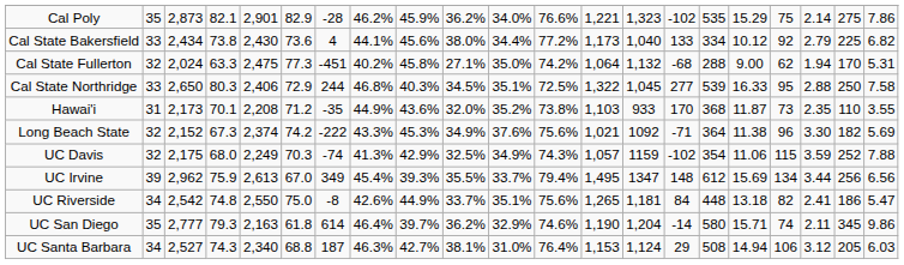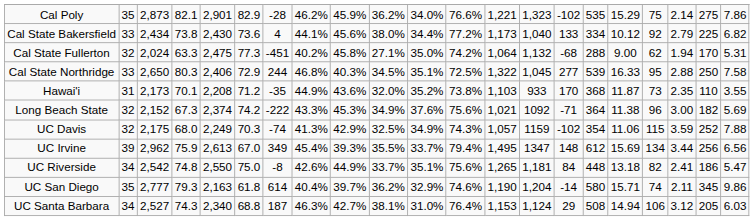 <table class="wikitable sortable" style="text-align:center; font-size:80%;">
 <tr>
 </tr>
 <tr>
 </tr>
 <tr>
 <td style="position: sticky; left: 0; ">Cal Poly</td>
 <td>35</td>
 <td>2,873</td>
 <td>82.1</td>
 <td>2,901</td>
 <td>82.9</td>
 <td>-28</td>
 <td>46.2%</td>
 <td>45.9%</td>
 <td>36.2%</td>
 <td>34.0%</td>
 <td>76.6%</td>
 <td>1,221</td>
 <td>1,323</td>
 <td>-102</td>
 <td>535</td>
 <td>15.29</td>
 <td>75</td>
 <td>2.14</td>
 <td>275</td>
 <td>7.86</td>
 </tr>
 <tr>
 <td style="position: sticky; left: 0; ">Cal State Bakersfield</td>
 <td>33</td>
 <td>2,434</td>
 <td>73.8</td>
 <td>2,430</td>
 <td>73.6</td>
 <td>4</td>
 <td>44.1%</td>
 <td>45.6%</td>
 <td>38.0%</td>
 <td>34.4%</td>
 <td>77.2%</td>
 <td>1,173</td>
 <td>1,040</td>
 <td>133</td>
 <td>334</td>
 <td>10.12</td>
 <td>92</td>
 <td>2.79</td>
 <td>225</td>
 <td>6.82</td>
 </tr>
 <tr>
 <td style="position: sticky; left: 0; ">Cal State Fullerton</td>
 <td>32</td>
 <td>2,024</td>
 <td>63.3</td>
 <td>2,475</td>
 <td>77.3</td>
 <td>-451</td>
 <td>40.2%</td>
 <td>45.8%</td>
 <td>27.1%</td>
 <td>35.0%</td>
 <td>74.2%</td>
 <td>1,064</td>
 <td>1,132</td>
 <td>-68</td>
 <td>288</td>
 <td>9.00</td>
 <td>62</td>
 <td>1.94</td>
 <td>170</td>
 <td>5.31</td>
 </tr>
 <tr>
 <td style="position: sticky; left: 0; ">Cal State Northridge</td>
 <td>33</td>
 <td>2,650</td>
 <td>80.3</td>
 <td>2,406</td>
 <td>72.9</td>
 <td>244</td>
 <td>46.8%</td>
 <td>40.3%</td>
 <td>34.5%</td>
 <td>35.1%</td>
 <td>72.5%</td>
 <td>1,322</td>
 <td>1,045</td>
 <td>277</td>
 <td>539</td>
 <td>16.33</td>
 <td>95</td>
 <td>2.88</td>
 <td>250</td>
 <td>7.58</td>
 </tr>
 <tr>
 <td style="position: sticky; left: 0; ">Hawai'i</td>
 <td>31</td>
 <td>2,173</td>
 <td>70.1</td>
 <td>2,208</td>
 <td>71.2</td>
 <td>-35</td>
 <td>44.9%</td>
 <td>43.6%</td>
 <td>32.0%</td>
 <td>35.2%</td>
 <td>73.8%</td>
 <td>1,103</td>
 <td>933</td>
 <td>170</td>
 <td>368</td>
 <td>11.87</td>
 <td>73</td>
 <td>2.35</td>
 <td>110</td>
 <td>3.55</td>
 </tr>
 <tr>
 <td style="position: sticky; left: 0; ">Long Beach State</td>
 <td>32</td>
 <td>2,152</td>
 <td>67.3</td>
 <td>2,374</td>
 <td>74.2</td>
 <td>-222</td>
 <td>43.3%</td>
 <td>45.3%</td>
 <td>34.9%</td>
 <td>37.6%</td>
 <td>75.6%</td>
 <td>1,021</td>
 <td>1092</td>
 <td>-71</td>
 <td>364</td>
 <td>11.38</td>
 <td>96</td>
-<td>3.30</td>
+<td>3.00</td>
 <td>182</td>
 <td>5.69</td>
 </tr>
 <tr>
 <td style="position: sticky; left: 0; ">UC Davis</td>
 <td>32</td>
 <td>2,175</td>
 <td>68.0</td>
 <td>2,249</td>
 <td>70.3</td>
 <td>-74</td>
 <td>41.3%</td>
 <td>42.9%</td>
 <td>32.5%</td>
 <td>34.9%</td>
 <td>74.3%</td>
 <td>1,057</td>
 <td>1159</td>
 <td>-102</td>
 <td>354</td>
 <td>11.06</td>
 <td>115</td>
 <td>3.59</td>
 <td>252</td>
 <td>7.88</td>
 </tr>
 <tr>
 <td style="position: sticky; left: 0; ">UC Irvine</td>
 <td>39</td>
 <td>2,962</td>
 <td>75.9</td>
 <td>2,613</td>
 <td>67.0</td>
 <td>349</td>
 <td>45.4%</td>
 <td>39.3%</td>
 <td>35.5%</td>
 <td>33.7%</td>
 <td>79.4%</td>
 <td>1,495</td>
 <td>1347</td>
 <td>148</td>
 <td>612</td>
 <td>15.69</td>
 <td>134</td>
 <td>3.44</td>
 <td>256</td>
 <td>6.56</td>
 </tr>
 <tr>
 <td style="position: sticky; left: 0; ">UC Riverside</td>
 <td>34</td>
 <td>2,542</td>
 <td>74.8</td>
 <td>2,550</td>
 <td>75.0</td>
 <td>-8</td>
 <td>42.6%</td>
 <td>44.9%</td>
 <td>33.7%</td>
 <td>35.1%</td>
 <td>75.6%</td>
 <td>1,265</td>
 <td>1,181</td>
 <td>84</td>
 <td>448</td>
 <td>13.18</td>
 <td>82</td>
 <td>2.41</td>
 <td>186</td>
 <td>5.47</td>
 </tr>
 <tr>
 <td style="position: sticky; left: 0; ">UC San Diego</td>
 <td>35</td>
 <td>2,777</td>
 <td>79.3</td>
 <td>2,163</td>
 <td>61.8</td>
 <td>614</td>
-<td>46.4%</td>
+<td>40.4%</td>
 <td>39.7%</td>
 <td>36.2%</td>
 <td>32.9%</td>
 <td>74.6%</td>
 <td>1,190</td>
 <td>1,204</td>
 <td>-14</td>
 <td>580</td>
 <td>15.71</td>
 <td>74</td>
 <td>2.11</td>
 <td>345</td>
 <td>9.86</td>
 </tr>
 <tr>
 <td style="position: sticky; left: 0; ">UC Santa Barbara</td>
 <td>34</td>
 <td>2,527</td>
 <td>74.3</td>
 <td>2,340</td>
 <td>68.8</td>
 <td>187</td>
 <td>46.3%</td>
 <td>42.7%</td>
 <td>38.1%</td>
 <td>31.0%</td>
 <td>76.4%</td>
 <td>1,153</td>
 <td>1,124</td>
 <td>29</td>
 <td>508</td>
 <td>14.94</td>
 <td>106</td>
 <td>3.12</td>
 <td>205</td>
 <td>6.03</td>
 </tr>
 </table>
